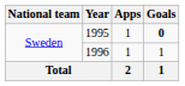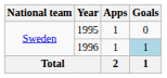 <table class="wikitable" style="text-align:center">
 <tr>
 <th>National team</th>
 <th>Year</th>
 <th>Apps</th>
 <th>Goals</th>
 </tr>
 <tr>
 <td rowspan="2"><a href='#'>Sweden</a></td>
 <td>1995</td>
 <td>1</td>
-<td><strong>0</strong></td>
+<td>0</td>
 </tr>
 <tr>
 <td>1996</td>
 <td>1</td>
-<td>1</td>
+<td style="background: lightblue;">1</td>
 </tr>
 <tr>
 <th colspan="2">Total</th>
 <th>2</th>
 <th>1</th>
 </tr>
 </table>
